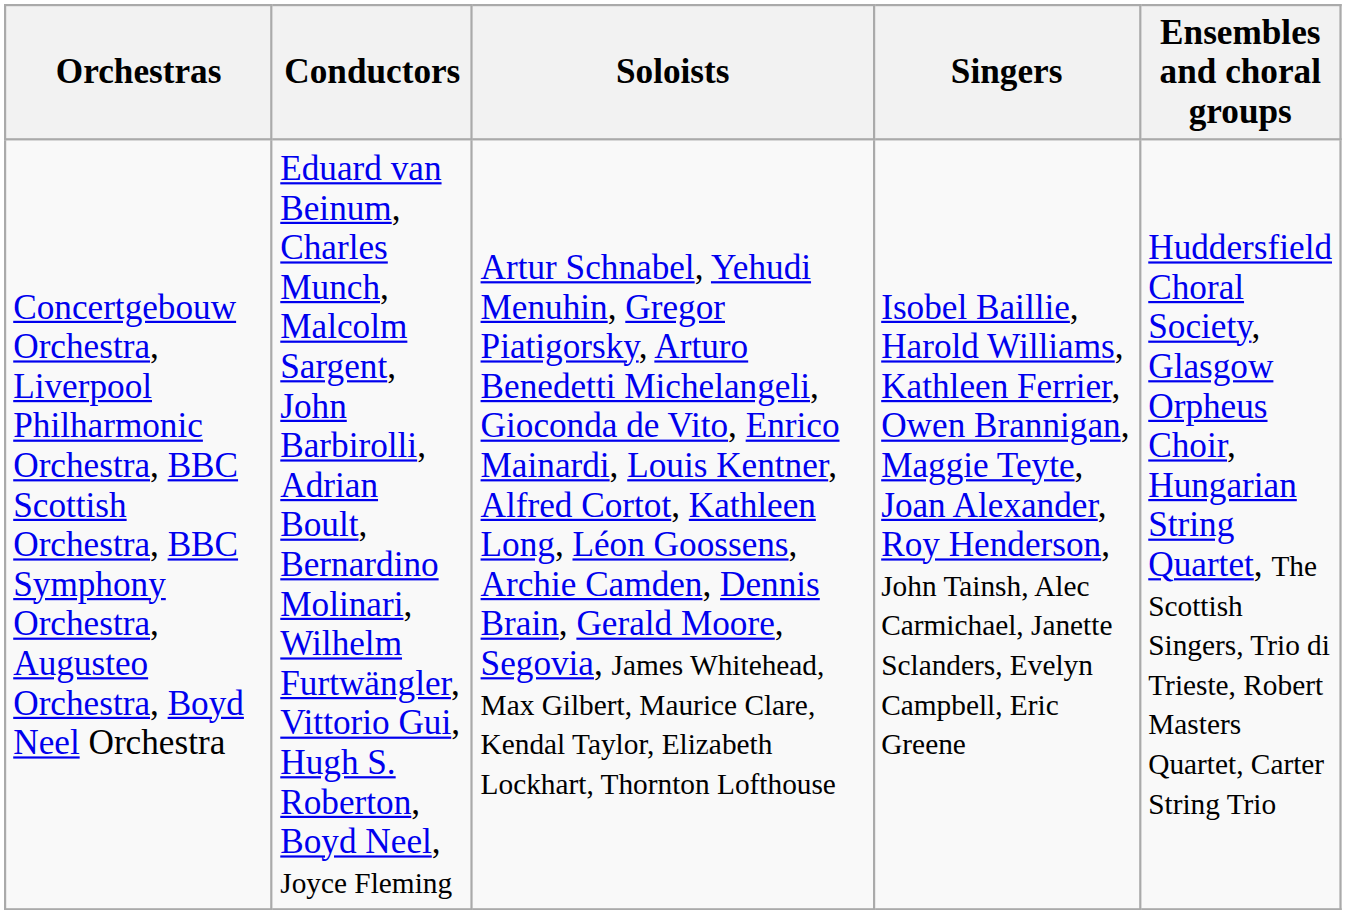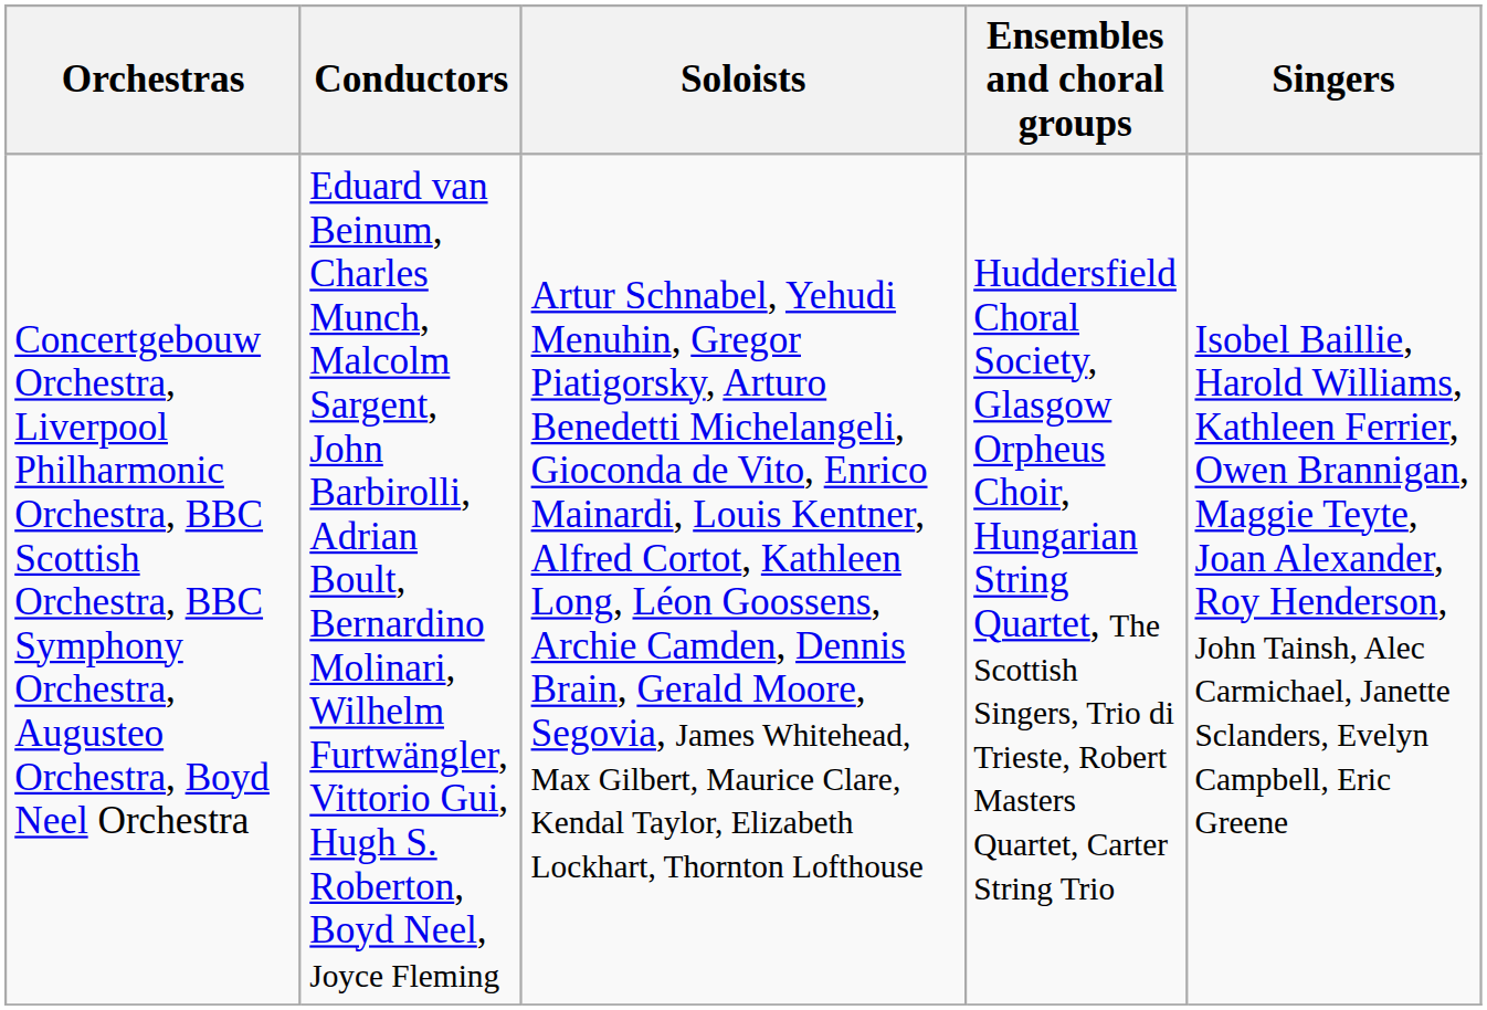 <table class="wikitable toptextcells">
 <tr class="hintergrundfarbe5">
 <th style="width:20%;">Orchestras</th>
 <th style="width:15%;">Conductors</th>
 <th style="width:30%;">Soloists</th>
+<th style="width:15%;">Ensembles and choral groups</th>
 <th style="width:20%;">Singers</th>
-<th style="width:15%;">Ensembles and choral groups</th>
 </tr>
 <tr>
 <td><a href='#'>Concertgebouw Orchestra</a>, <a href='#'>Liverpool Philharmonic Orchestra</a>, <a href='#'>BBC Scottish Orchestra</a>, <a href='#'>BBC Symphony Orchestra</a>, <a href='#'>Augusteo Orchestra</a>, <a href='#'>Boyd Neel</a> Orchestra</td>
 <td><a href='#'>Eduard van Beinum</a>, <a href='#'>Charles Munch</a>, <a href='#'>Malcolm Sargent</a>, <a href='#'>John Barbirolli</a>, <a href='#'>Adrian Boult</a>, <a href='#'>Bernardino Molinari</a>, <a href='#'>Wilhelm Furtwängler</a>, <a href='#'>Vittorio Gui</a>, <a href='#'>Hugh S. Roberton</a>, <a href='#'>Boyd Neel</a>, <small>Joyce Fleming</small></td>
 <td><a href='#'>Artur Schnabel</a>, <a href='#'>Yehudi Menuhin</a>, <a href='#'>Gregor Piatigorsky</a>, <a href='#'>Arturo Benedetti Michelangeli</a>, <a href='#'>Gioconda de Vito</a>, <a href='#'>Enrico Mainardi</a>, <a href='#'>Louis Kentner</a>, <a href='#'>Alfred Cortot</a>, <a href='#'>Kathleen Long</a>, <a href='#'>Léon Goossens</a>, <a href='#'>Archie Camden</a>, <a href='#'>Dennis Brain</a>, <a href='#'>Gerald Moore</a>, <a href='#'>Segovia</a>, <small>James Whitehead, Max Gilbert, Maurice Clare, Kendal Taylor, Elizabeth Lockhart, Thornton Lofthouse</small></td>
+<td><a href='#'>Huddersfield Choral Society</a>, <a href='#'>Glasgow Orpheus Choir</a>, <a href='#'>Hungarian String Quartet</a>, <small>The Scottish Singers, Trio di Trieste, Robert Masters Quartet, Carter String Trio</small></td>
 <td><a href='#'>Isobel Baillie</a>, <a href='#'>Harold Williams</a>, <a href='#'>Kathleen Ferrier</a>, <a href='#'>Owen Brannigan</a>, <a href='#'>Maggie Teyte</a>, <a href='#'>Joan Alexander</a>, <a href='#'>Roy Henderson</a>, <small>John Tainsh, Alec Carmichael, Janette Sclanders, Evelyn Campbell, Eric Greene</small></td>
-<td><a href='#'>Huddersfield Choral Society</a>, <a href='#'>Glasgow Orpheus Choir</a>, <a href='#'>Hungarian String Quartet</a>, <small>The Scottish Singers, Trio di Trieste, Robert Masters Quartet, Carter String Trio</small></td>
 </tr>
 </table>
